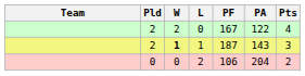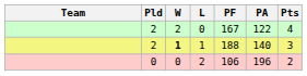 <table class="wikitable" style="text-align:center;">
 <tr>
 <th width=170>Team</th>
 <th width=25>Pld</th>
 <th width=25>W</th>
 <th width=25>L</th>
 <th width=35>PF</th>
 <th width=35>PA</th>
 <th width=25>Pts</th>
 </tr>
 <tr bgcolor=#ccffcc>
 <td align="left"></td>
 <td>2</td>
 <td>2</td>
 <td>0</td>
 <td>167</td>
 <td>122</td>
 <td>4</td>
 </tr>
 <tr bgcolor=#F3F781>
 <td align="left"></td>
 <td>2</td>
 <td><strong>1</strong></td>
 <td>1</td>
-<td>187</td>
-<td>143</td>
+<td>188</td>
+<td>140</td>
 <td>3</td>
 </tr>
 <tr bgcolor=#ffcccc>
 <td align="left"></td>
 <td>0</td>
 <td>0</td>
 <td>2</td>
 <td>106</td>
-<td>204</td>
+<td>196</td>
 <td>2</td>
 </tr>
 </table>
